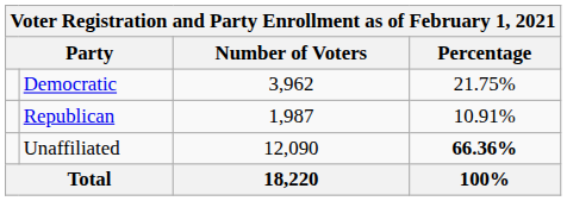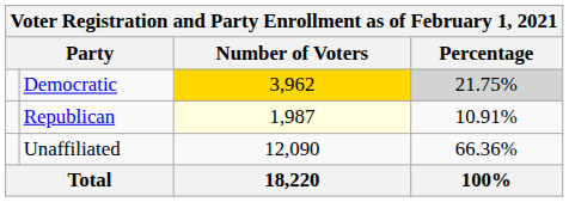 <table class=wikitable>
 <tr>
 <th colspan = 6>Voter Registration and Party Enrollment as of February 1, 2021</th>
 </tr>
 <tr>
 <th colspan = 2>Party</th>
 <th>Number of Voters</th>
 <th>Percentage</th>
 </tr>
 <tr>
 <td></td>
 <td><a href='#'>Democratic</a></td>
-<td style="text-align:center;">3,962</td>
-<td style="text-align:center;">21.75%</td>
+<td style="background: gold; text-align:center;">3,962</td>
+<td style="background: lightgrey; text-align:center;">21.75%</td>
 </tr>
 <tr>
 <td></td>
 <td><a href='#'>Republican</a></td>
-<td style="text-align:center;">1,987</td>
+<td style="background: lightyellow; text-align:center;">1,987</td>
 <td style="text-align:center;">10.91%</td>
 </tr>
 <tr>
 <td></td>
 <td>Unaffiliated</td>
 <td style="text-align:center;">12,090</td>
-<td style="text-align:center;"><strong>66.36%</strong></td>
+<td style="text-align:center;">66.36%</td>
 </tr>
 <tr>
 <th colspan="2">Total</th>
 <th style="text-align:center;">18,220</th>
 <th style="text-align:center;">100%</th>
 </tr>
 </table>
